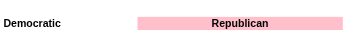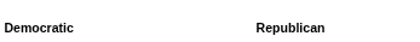 <table style="width:50%; text-align:center">
 <tr style="color:white">
 <td style="background:"><strong>13</strong><br> </td>
 <td style="background:"><strong>17</strong></td>
 </tr>
 <tr>
 <td style="color:"><strong>Democratic</strong><br></td>
-<td style="background: pink; color:"><strong>Republican</strong></td>
+<td style="color:"><strong>Republican</strong></td>
 </tr>
 </table>
